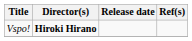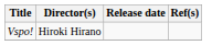 <table class="wikitable sortable">
 <tr>
 <th scope="col">Title</th>
 <th scope="col">Director(s)</th>
 <th scope="col">Release date</th>
 <th scope="col" class="unsortable">Ref(s)</th>
 </tr>
 <tr>
 <td><em>Vspo!</em></td>
-<td><strong>Hiroki Hirano</strong></td>
+<td>Hiroki Hirano</td>
 <td></td>
 <td></td>
 </tr>
 <tr>
 </tr>
 </table>
